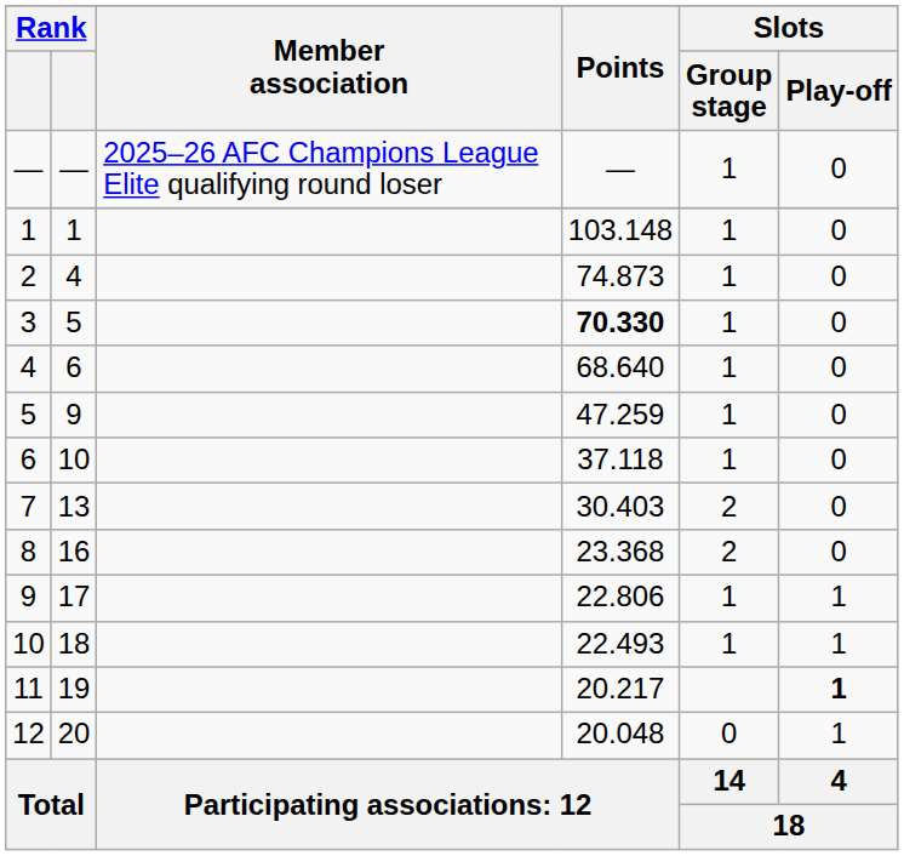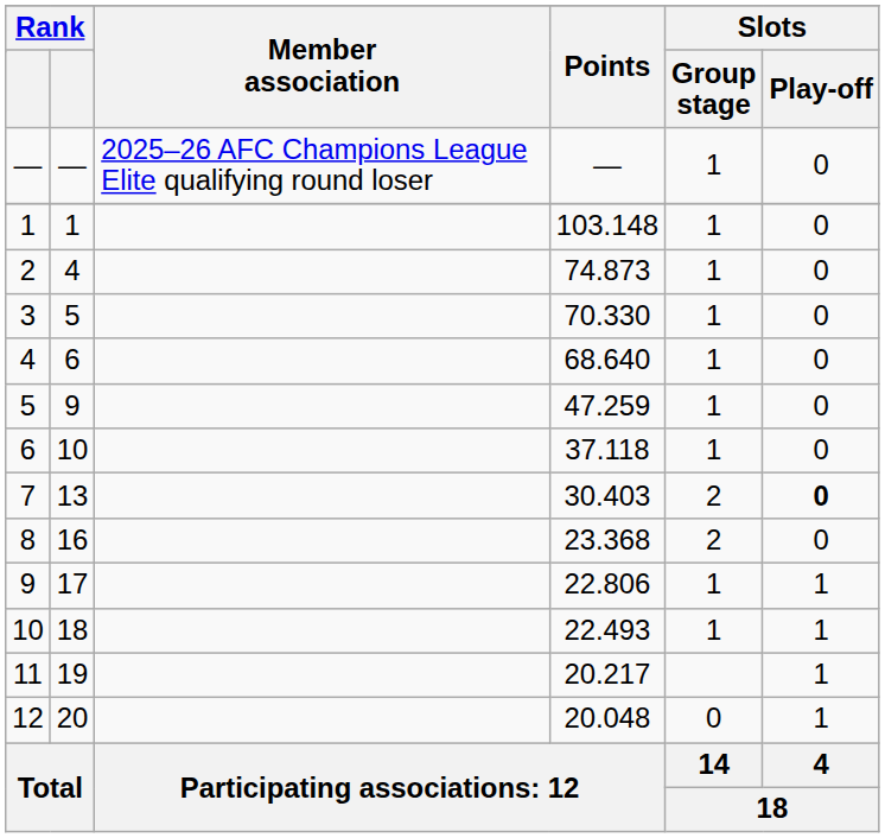 <table class="wikitable" style="text-align:center">
 <tr>
 </tr>
 <tr>
 <th colspan=2 rowspan=2><a href='#'>Rank</a></th>
 <th rowspan=3 width=250>Member<br>association</th>
 <th rowspan=3>Points</th>
 <th colspan=2>Slots</th>
 </tr>
 <tr>
 <th rowspan=2>Group<br>stage</th>
 <th rowspan=2>Play-off</th>
 </tr>
 <tr>
 <th></th>
 <th></th>
 </tr>
 <tr bgcolor=>
 <td>—</td>
 <td>—</td>
 <td align=left><a href='#'>2025–26 AFC Champions League Elite</a> qualifying round loser</td>
 <td>—</td>
 <td>1</td>
 <td>0</td>
 </tr>
 <tr>
 </tr>
 <tr bgcolor=>
 <td>1</td>
 <td>1</td>
 <td align=left></td>
 <td>103.148</td>
 <td>1</td>
 <td>0</td>
 </tr>
 <tr bgcolor=>
 <td>2</td>
 <td>4</td>
 <td align=left></td>
 <td>74.873</td>
 <td>1</td>
 <td>0</td>
 </tr>
 <tr bgcolor=>
 <td>3</td>
 <td>5</td>
 <td align=left></td>
-<td><strong>70.330</strong></td>
+<td>70.330</td>
 <td>1</td>
 <td>0</td>
 </tr>
 <tr bgcolor=>
 <td>4</td>
 <td>6</td>
 <td align=left></td>
 <td>68.640</td>
 <td>1</td>
 <td>0</td>
 </tr>
 <tr bgcolor=>
 <td>5</td>
 <td>9</td>
 <td align=left></td>
 <td>47.259</td>
 <td>1</td>
 <td>0</td>
 </tr>
 <tr bgcolor=>
 <td>6</td>
 <td>10</td>
 <td align=left></td>
 <td>37.118</td>
 <td>1</td>
 <td>0</td>
 </tr>
 <tr bgcolor=>
 <td>7</td>
 <td>13</td>
 <td align=left></td>
 <td>30.403</td>
 <td>2</td>
-<td>0</td>
+<td><strong>0</strong></td>
 </tr>
 <tr bgcolor=>
 <td>8</td>
 <td>16</td>
 <td align=left></td>
 <td>23.368</td>
 <td>2</td>
 <td>0</td>
 </tr>
 <tr bgcolor=>
 <td>9</td>
 <td>17</td>
 <td align=left></td>
 <td>22.806</td>
 <td>1</td>
 <td>1</td>
 </tr>
 <tr bgcolor=>
 <td>10</td>
 <td>18</td>
 <td align=left></td>
 <td>22.493</td>
 <td>1</td>
 <td>1</td>
 </tr>
 <tr bgcolor=>
 <td>11</td>
 <td>19</td>
 <td align=left></td>
 <td>20.217</td>
 <td></td>
-<td><strong>1</strong></td>
+<td>1</td>
 </tr>
 <tr bgcolor=>
 <td>12</td>
 <td>20</td>
 <td align=left></td>
 <td>20.048</td>
 <td>0</td>
 <td>1</td>
 </tr>
 <tr>
 <th colspan=2 rowspan=2>Total</th>
 <th colspan=2 rowspan=2>Participating associations: 12</th>
 <th>14</th>
 <th>4</th>
 </tr>
 <tr>
 <th colspan=2>18</th>
 </tr>
 </table>
